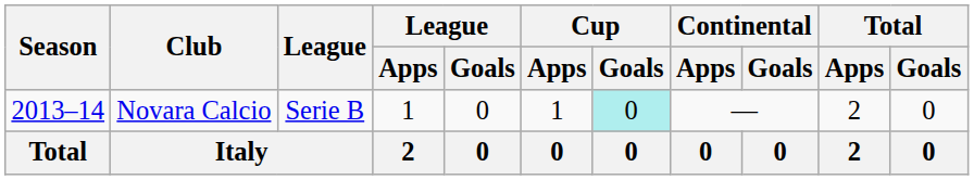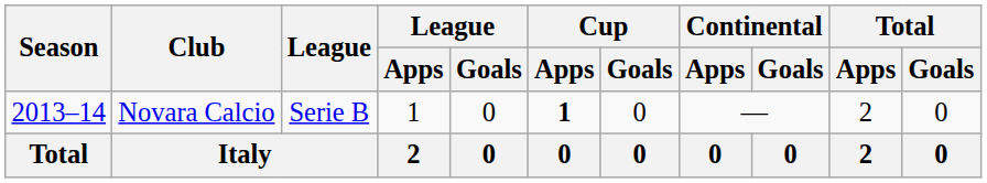 <table class="wikitable" style="text-align:center">
 <tr>
 <th rowspan=2>Season</th>
 <th rowspan=2>Club</th>
 <th rowspan=2>League</th>
 <th colspan=2>League</th>
 <th colspan=2>Cup</th>
 <th colspan=2>Continental</th>
 <th colspan=2>Total</th>
 </tr>
 <tr>
 <th>Apps</th>
 <th>Goals</th>
 <th>Apps</th>
 <th>Goals</th>
 <th>Apps</th>
 <th>Goals</th>
 <th>Apps</th>
 <th>Goals</th>
 </tr>
 <tr>
 <td><a href='#'>2013–14</a></td>
 <td rowspan="1"><a href='#'>Novara Calcio</a></td>
 <td rowspan="1"><a href='#'>Serie B</a></td>
 <td>1</td>
 <td>0</td>
-<td>1</td>
-<td style="background: paleturquoise;">0</td>
+<td><strong>1</strong></td>
+<td>0</td>
 <td colspan="2">—</td>
 <td>2</td>
 <td>0</td>
 </tr>
 <tr>
 <th rowspan=2>Total</th>
 <th colspan=2>Italy</th>
 <th>2</th>
 <th>0</th>
 <th>0</th>
 <th>0</th>
 <th>0</th>
 <th>0</th>
 <th>2</th>
 <th>0</th>
 </tr>
 </table>
